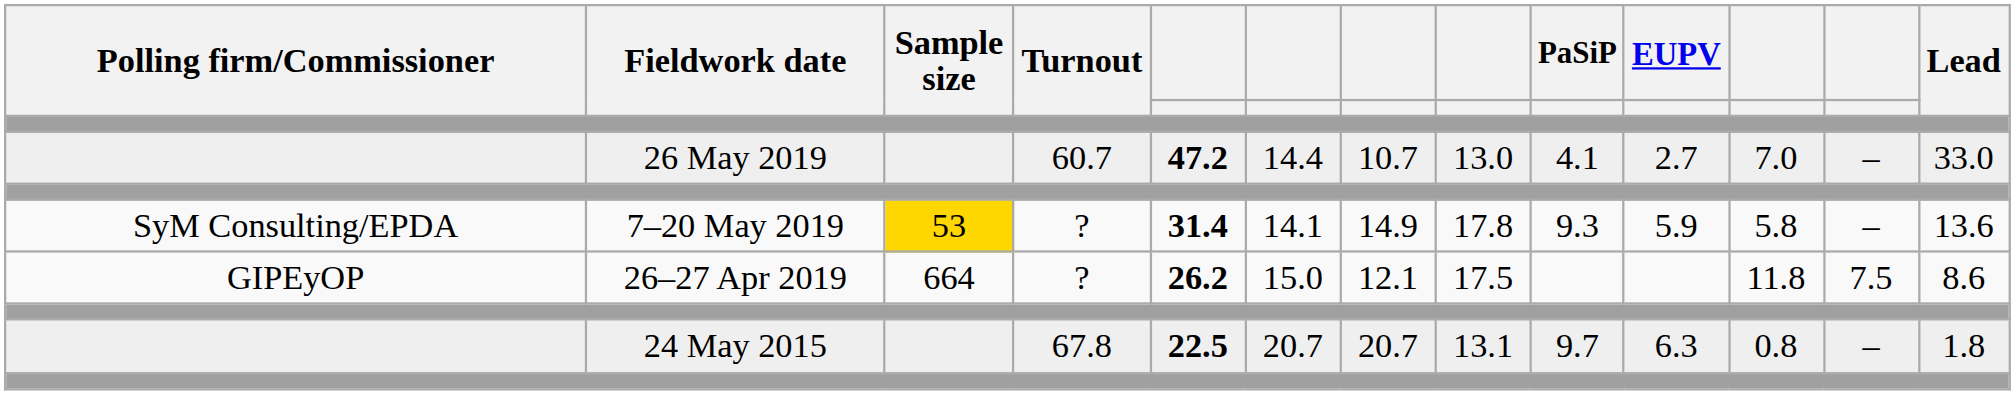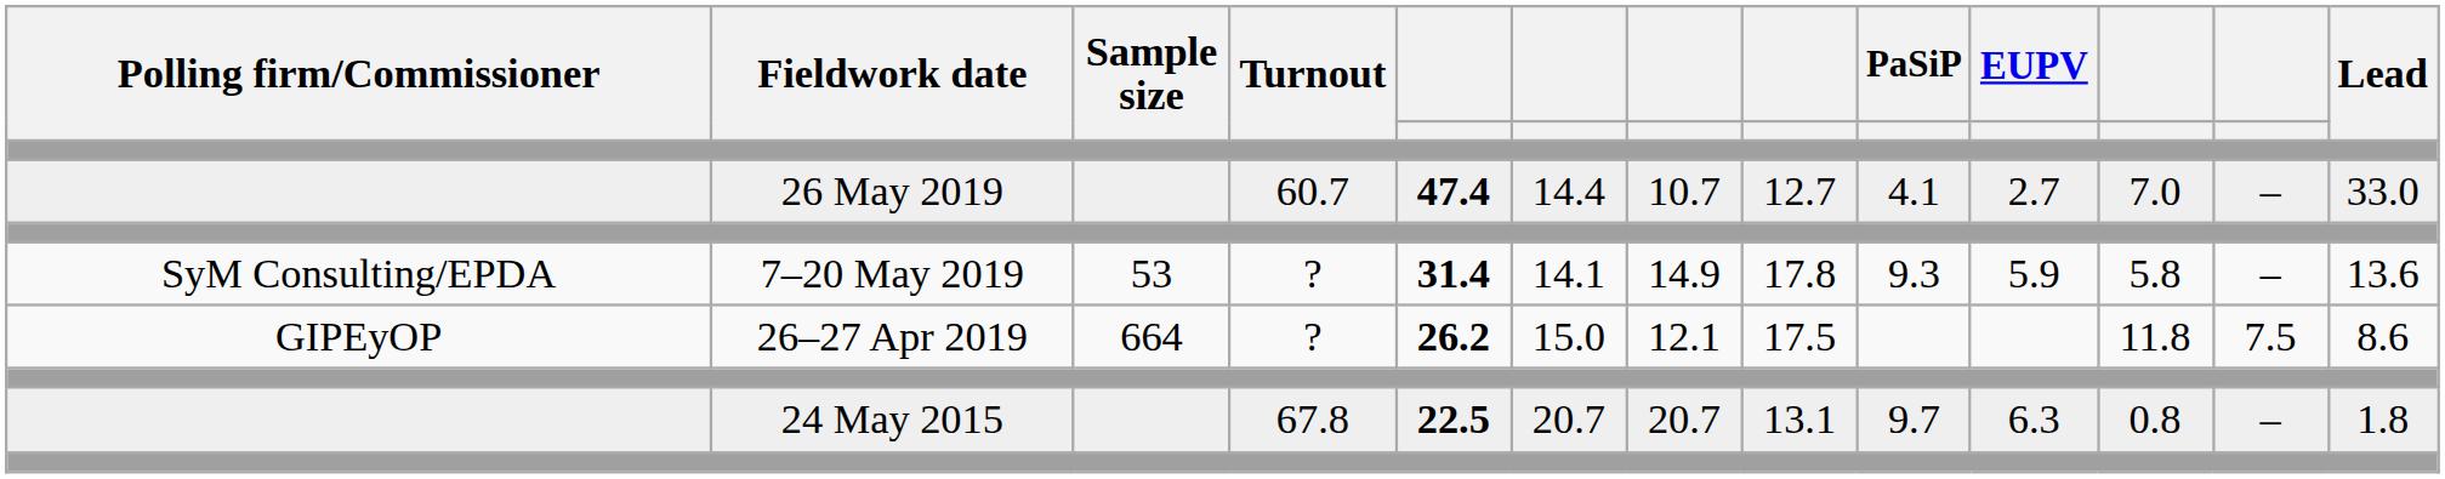 <table class="wikitable collapsible collapsed" style="text-align:center; font-size:95%; line-height:16px;">
 <tr style="height:42px;">
 <th style="width:250px;" rowspan="2">Polling firm/Commissioner</th>
 <th style="width:125px;" rowspan="2">Fieldwork date</th>
 <th style="width:50px;" rowspan="2">Sample size</th>
 <th style="width:45px;" rowspan="2">Turnout</th>
 <th style="width:35px;"></th>
 <th style="width:35px;"></th>
 <th style="width:35px;"></th>
 <th style="width:35px;"></th>
 <th style="width:35px; font-size:90%;">PaSiP</th>
 <th style="width:35px; font-size:95%;"><a href='#'>EUPV</a></th>
 <th style="width:35px;"></th>
 <th style="width:35px;"></th>
 <th style="width:30px;" rowspan="2">Lead</th>
 </tr>
 <tr>
 <th style="color:inherit;background:"></th>
 <th style="color:inherit;background:"></th>
 <th style="color:inherit;background:"></th>
 <th style="color:inherit;background:"></th>
 <th style="color:inherit;background:"></th>
 <th style="color:inherit;background:"></th>
 <th style="color:inherit;background:"></th>
 <th style="color:inherit;background:"></th>
 </tr>
 <tr>
 <td colspan="13" style="background:#A0A0A0"></td>
 </tr>
 <tr style="background:#EFEFEF;">
 <td><strong></strong></td>
 <td>26 May 2019</td>
 <td></td>
 <td>60.7</td>
-<td><strong>47.2</strong><br></td>
+<td><strong>47.4</strong><br></td>
 <td>14.4<br></td>
 <td>10.7<br></td>
-<td>13.0<br></td>
+<td>12.7<br></td>
 <td>4.1<br></td>
 <td>2.7<br></td>
 <td>7.0<br></td>
 <td>–</td>
 <td style="background:">33.0</td>
 </tr>
 <tr>
 <td colspan="13" style="background:#A0A0A0"></td>
 </tr>
 <tr>
 <td>SyM Consulting/EPDA</td>
 <td>7–20 May 2019</td>
-<td style="background: gold;">53</td>
+<td>53</td>
 <td>?</td>
 <td><strong>31.4</strong><br></td>
 <td>14.1<br></td>
 <td>14.9<br></td>
 <td>17.8<br></td>
 <td>9.3<br></td>
 <td>5.9<br></td>
 <td>5.8<br></td>
 <td>–</td>
 <td style="background:">13.6</td>
 </tr>
 <tr>
 <td>GIPEyOP</td>
 <td>26–27 Apr 2019</td>
 <td>664</td>
 <td>?</td>
 <td><strong>26.2</strong><br></td>
 <td>15.0<br></td>
 <td>12.1<br></td>
 <td>17.5<br></td>
 <td></td>
 <td></td>
 <td>11.8<br></td>
 <td>7.5<br></td>
 <td style="background:">8.6</td>
 </tr>
 <tr>
 <td colspan="13" style="background:#A0A0A0"></td>
 </tr>
 <tr style="background:#EFEFEF;">
 <td><strong></strong></td>
 <td>24 May 2015</td>
 <td></td>
 <td>67.8</td>
 <td><strong>22.5</strong><br></td>
 <td>20.7<br></td>
 <td>20.7<br></td>
 <td>13.1<br></td>
 <td>9.7<br></td>
 <td>6.3<br></td>
 <td>0.8<br></td>
 <td>–</td>
 <td style="background:">1.8</td>
 </tr>
 <tr>
 <td colspan="13" style="background:#A0A0A0"></td>
 </tr>
 </table>
